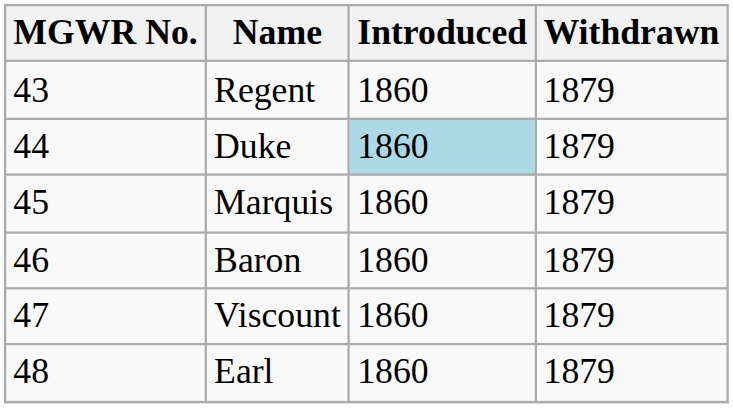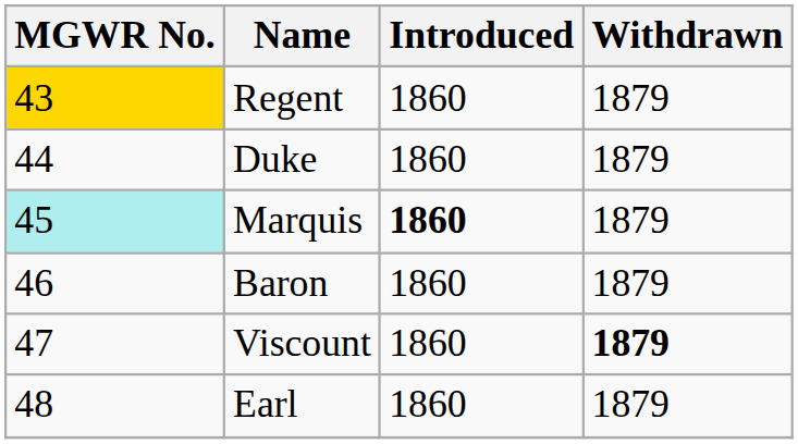 <table class="wikitable">
 <tr>
 <th>MGWR No.</th>
 <th>Name</th>
 <th>Introduced</th>
 <th>Withdrawn</th>
 </tr>
 <tr>
-<td>43</td>
+<td style="background: gold;">43</td>
 <td>Regent</td>
 <td>1860</td>
 <td>1879</td>
 </tr>
 <tr>
 <td>44</td>
 <td>Duke</td>
-<td style="background: lightblue;">1860</td>
+<td>1860</td>
 <td>1879</td>
 </tr>
 <tr>
-<td>45</td>
+<td style="background: paleturquoise;">45</td>
 <td>Marquis</td>
-<td>1860</td>
+<td><strong>1860</strong></td>
 <td>1879</td>
 </tr>
 <tr>
 <td>46</td>
 <td>Baron</td>
 <td>1860</td>
 <td>1879</td>
 </tr>
 <tr>
 <td>47</td>
 <td>Viscount</td>
 <td>1860</td>
-<td>1879</td>
+<td><strong>1879</strong></td>
 </tr>
 <tr>
 <td>48</td>
 <td>Earl</td>
 <td>1860</td>
 <td>1879</td>
 </tr>
 <tr>
 </tr>
 </table>
